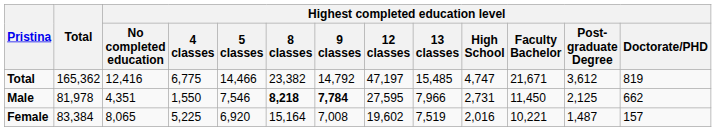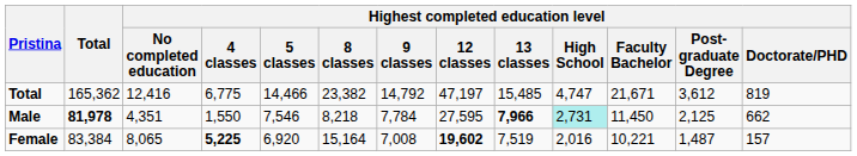 <table class="wikitable">
 <tr>
 <th scope="col" rowspan="2"><a href='#'>Pristina</a></th>
 <th scope="col" rowspan="2">Total</th>
 <th scope="col" colspan="11">Highest completed education level</th>
 </tr>
 <tr style="text-align:center; background:#f0f0f0;">
 <th scope="col">No completed education</th>
 <th scope="col">4 classes</th>
 <th scope="col">5 classes</th>
 <th scope="col">8 classes</th>
 <th scope="col">9 classes</th>
 <th scope="col">12 classes</th>
 <th scope="col">13 classes</th>
 <th scope="col">High<br>School</th>
 <th scope="col">Faculty<br>Bachelor</th>
 <th scope="col">Post-graduate<br>Degree</th>
 <th scope="col">Doctorate/PHD</th>
 </tr>
 <tr>
 <td><strong>Total</strong></td>
 <td>165,362</td>
 <td>12,416</td>
 <td>6,775</td>
 <td>14,466</td>
 <td>23,382</td>
 <td>14,792</td>
 <td>47,197</td>
 <td>15,485</td>
 <td>4,747</td>
 <td>21,671</td>
 <td>3,612</td>
 <td>819</td>
 </tr>
 <tr>
 <td><strong>Male</strong></td>
-<td>81,978</td>
+<td><strong>81,978</strong></td>
 <td>4,351</td>
 <td>1,550</td>
 <td>7,546</td>
-<td><strong>8,218</strong></td>
-<td><strong>7,784</strong></td>
+<td>8,218</td>
+<td>7,784</td>
 <td>27,595</td>
-<td>7,966</td>
-<td>2,731</td>
+<td><strong>7,966</strong></td>
+<td style="background: paleturquoise;">2,731</td>
 <td>11,450</td>
 <td>2,125</td>
 <td>662</td>
 </tr>
 <tr>
 <td><strong>Female</strong></td>
 <td>83,384</td>
 <td>8,065</td>
-<td>5,225</td>
+<td><strong>5,225</strong></td>
 <td>6,920</td>
 <td>15,164</td>
 <td>7,008</td>
-<td>19,602</td>
+<td><strong>19,602</strong></td>
 <td>7,519</td>
 <td>2,016</td>
 <td>10,221</td>
 <td>1,487</td>
 <td>157</td>
 </tr>
 </table>
